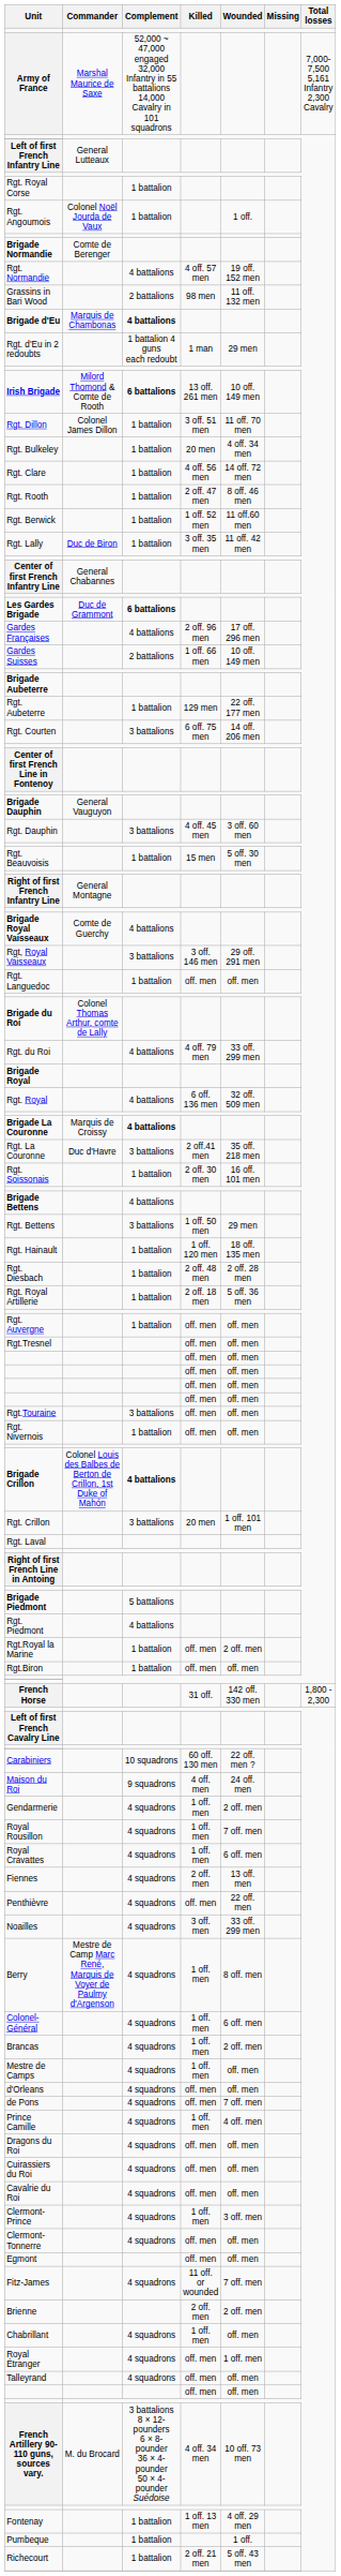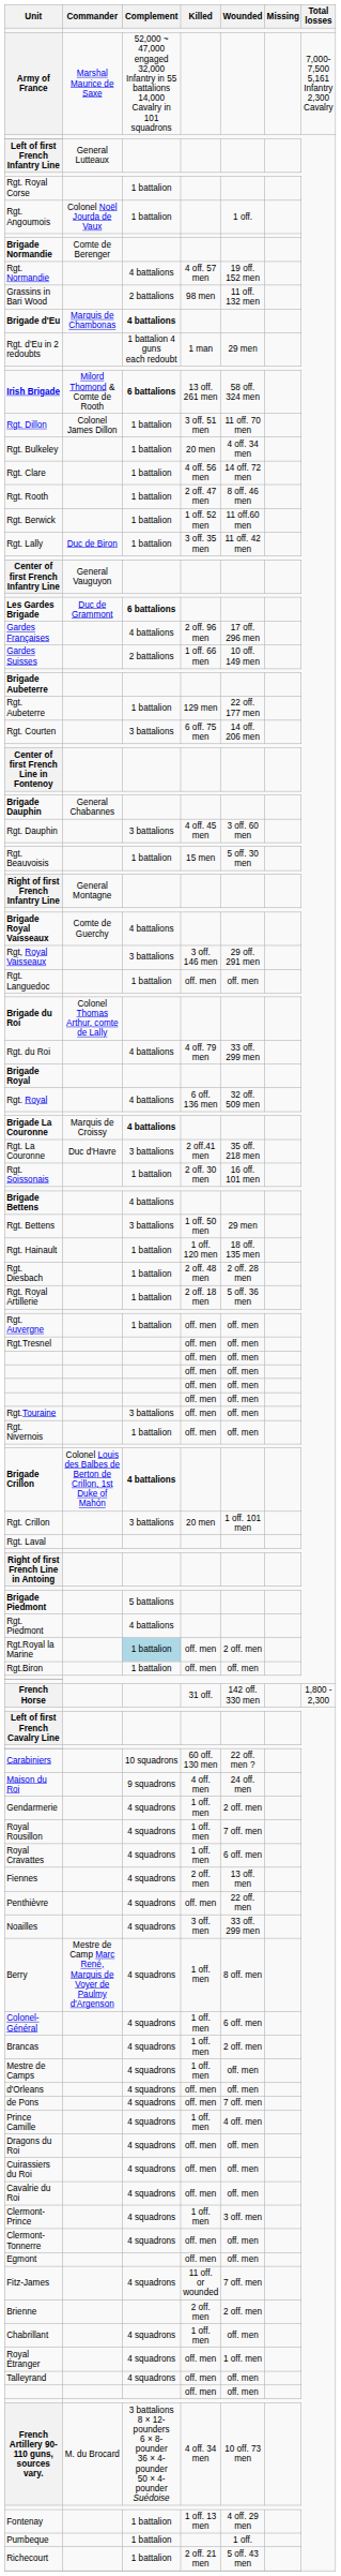 <table class="wikitable">
 <tr>
 <th>Unit</th>
 <th>Commander</th>
 <th>Complement</th>
 <th>Killed</th>
 <th>Wounded</th>
 <th>Missing</th>
 <th>Total losses</th>
 </tr>
 <tr>
 <td align="center"></td>
 </tr>
 <tr>
 <th colspan="1" bgcolor="#f9f9f9;">Army of France</th>
 <td align="center"><a href='#'>Marshal Maurice de Saxe</a></td>
 <td align="center">52,000 ~ 47,000 engaged<br>32,000 Infantry in 55 battalions<br>14,000 Cavalry in 101 squadrons<br></td>
 <td align="center"></td>
 <td align="center"></td>
 <td align="center"></td>
 <td align="center">7,000-7,500<br>5,161 Infantry<br>2,300 Cavalry</td>
 </tr>
 <tr>
 <td align="center"></td>
 </tr>
 <tr>
 </tr>
 <tr>
 <th colspan="1" bgcolor="#f9f9f9;">Left of first French Infantry Line</th>
 <td align="center">General Lutteaux</td>
 <td align="center"></td>
 <td align="center"></td>
 <td align="center"></td>
 <td align="center"></td>
 </tr>
 <tr>
 <td align="center"></td>
 </tr>
 <tr>
 <td>Rgt. Royal Corse</td>
 <td align="center"></td>
 <td align="center">1 battalion</td>
 <td align="center"></td>
 <td align="center"></td>
 <td align="center"></td>
 </tr>
 <tr>
 <td>Rgt. Angoumois</td>
 <td align="center">Colonel <a href='#'>Noël Jourda de Vaux</a></td>
 <td align="center">1 battalion</td>
 <td align="center"></td>
 <td align="center">1 off.</td>
 <td align="center"></td>
 </tr>
 <tr>
 <td></td>
 <td align="center"></td>
 <td align="center"></td>
 <td align="center"></td>
 <td align="center"></td>
 <td align="center"></td>
 </tr>
 <tr>
 <td><strong>Brigade Normandie</strong></td>
 <td align="center">Comte de Berenger</td>
 <td align="center"></td>
 <td align="center"></td>
 <td align="center"></td>
 <td align="center"></td>
 </tr>
 <tr>
 <td>Rgt. <a href='#'>Normandie</a></td>
 <td align="center"></td>
 <td align="center">4 battalions</td>
 <td align="center">4 off. 57 men</td>
 <td align="center">19 off. 152 men</td>
 <td align="center"></td>
 </tr>
 <tr>
 <td>Grassins in Bari Wood</td>
 <td align="center"></td>
 <td align="center">2 battalions</td>
 <td align="center">98 men</td>
 <td align="center">11 off. 132 men</td>
 <td align="center"></td>
 </tr>
 <tr>
 <td><strong>Brigade d'Eu</strong></td>
 <td align="center"><a href='#'>Marquis de Chambonas</a></td>
 <td align="center"><strong>4 battalions</strong></td>
 <td align="center"></td>
 <td align="center"></td>
 <td align="center"></td>
 </tr>
 <tr>
 <td>Rgt. d'Eu in 2 redoubts</td>
 <td align="center"></td>
 <td align="center">1 battalion 4 guns<br>each redoubt</td>
 <td align="center">1 man</td>
 <td align="center">29 men</td>
 <td align="center"></td>
 </tr>
 <tr>
 <td align="center"></td>
 </tr>
 <tr>
 <td><strong><a href='#'>Irish Brigade</a></strong></td>
 <td align="center"><a href='#'>Milord Thomond</a> & <br>Comte de Rooth</td>
 <td align="center"><strong>6 battalions</strong></td>
 <td align="center">13 off. 261 men</td>
-<td align="center">10 off. 149 men</td>
+<td align="center">58 off. 324 men</td>
 <td align="center"></td>
 </tr>
 <tr>
 <td><a href='#'>Rgt. Dillon</a></td>
 <td align="center">Colonel James Dillon</td>
 <td align="center">1 battalion</td>
 <td align="center">3 off. 51 men</td>
 <td align="center">11 off. 70 men</td>
 <td align="center"></td>
 </tr>
 <tr>
 <td>Rgt. Bulkeley</td>
 <td align="center"></td>
 <td align="center">1 battalion</td>
 <td align="center">20  men</td>
 <td align="center">4 off. 34 men</td>
 <td align="center"></td>
 </tr>
 <tr>
 <td>Rgt. Clare</td>
 <td align="center"></td>
 <td align="center">1 battalion</td>
 <td align="center">4 off. 56 men</td>
 <td align="center">14 off. 72 men</td>
 <td align="center"></td>
 </tr>
 <tr>
 <td>Rgt. Rooth</td>
 <td align="center"></td>
 <td align="center">1 battalion</td>
 <td align="center">2 off. 47 men</td>
 <td align="center">8 off. 46 men</td>
 <td align="center"></td>
 </tr>
 <tr>
 <td>Rgt. Berwick</td>
 <td align="center"></td>
 <td align="center">1 battalion</td>
 <td align="center">1 off. 52 men</td>
 <td align="center">11 off.60  men</td>
 <td align="center"></td>
 </tr>
 <tr>
 <td>Rgt. Lally</td>
 <td align="center"><a href='#'>Duc de Biron</a></td>
 <td align="center">1 battalion</td>
 <td align="center">3 off. 35 men</td>
 <td align="center">11 off. 42 men</td>
 <td align="center"></td>
 </tr>
 <tr>
 <td align="center"></td>
 </tr>
 <tr>
 <th colspan="1" bgcolor="#f9f9f9;">Center of first French Infantry Line</th>
-<td align="center">General Chabannes</td>
+<td align="center">General Vauguyon</td>
 <td align="center"></td>
 <td align="center"></td>
 <td align="center"></td>
 <td align="center"></td>
 </tr>
 <tr>
 <td align="center"></td>
 </tr>
 <tr>
 <td><strong>Les Gardes Brigade</strong></td>
 <td align="center"><a href='#'>Duc de Grammont</a></td>
 <td align="center"><strong>6 battalions</strong></td>
 <td align="center"></td>
 <td align="center"></td>
 <td align="center"></td>
 </tr>
 <tr>
 <td><a href='#'>Gardes Françaises</a></td>
 <td align="center"></td>
 <td align="center">4 battalions</td>
 <td align="center">2 off. 96 men</td>
 <td align="center">17 off. 296 men</td>
 <td align="center"></td>
 </tr>
 <tr>
 <td><a href='#'>Gardes Suisses</a></td>
 <td align="center"></td>
 <td align="center">2 battalions</td>
 <td align="center">1 off. 66 men</td>
 <td align="center">10 off. 149 men</td>
 <td align="center"></td>
 </tr>
 <tr>
 <td align="center"></td>
 </tr>
 <tr>
 <td><strong>Brigade Aubeterre</strong></td>
 <td align="center"></td>
 <td align="center"></td>
 <td align="center"></td>
 <td align="center"></td>
 <td align="center"></td>
 </tr>
 <tr>
 <td>Rgt. Aubeterre</td>
 <td align="center"></td>
 <td align="center">1 battalion</td>
 <td align="center">129  men</td>
 <td align="center">22 off. 177 men</td>
 <td align="center"></td>
 </tr>
 <tr>
 <td>Rgt. Courten</td>
 <td align="center"></td>
 <td align="center">3 battalions</td>
 <td align="center">6 off. 75 men</td>
 <td align="center">14 off. 206 men</td>
 <td align="center"></td>
 </tr>
 <tr>
 <td align="center"></td>
 </tr>
 <tr>
 <th colspan="1" bgcolor="#f9f9f9;">Center of first French Line in Fontenoy</th>
 <td align="center"></td>
 <td align="center"></td>
 <td align="center"></td>
 <td align="center"></td>
 <td align="center"></td>
 </tr>
 <tr>
 <td align="center"></td>
 </tr>
 <tr>
 <td><strong>Brigade Dauphin</strong></td>
-<td align="center">General Vauguyon</td>
+<td align="center">General Chabannes</td>
 <td align="center"></td>
 <td align="center"></td>
 <td align="center"></td>
 <td align="center"></td>
 </tr>
 <tr>
 <td>Rgt. Dauphin</td>
 <td align="center"></td>
 <td align="center">3 battalions</td>
 <td align="center">4 off. 45 men</td>
 <td align="center">3 off. 60 men</td>
 <td align="center"></td>
 </tr>
 <tr>
 <td align="center"></td>
 </tr>
 <tr>
 <td>Rgt. Beauvoisis</td>
 <td align="center"></td>
 <td align="center">1 battalion</td>
 <td align="center">15 men</td>
 <td align="center">5 off. 30 men</td>
 <td align="center"></td>
 </tr>
 <tr>
 <td align="center"></td>
 </tr>
 <tr>
 <th colspan="1" bgcolor="#f9f9f9;">Right of first French Infantry Line</th>
 <td align="center">General Montagne</td>
 <td align="center"></td>
 <td align="center"></td>
 <td align="center"></td>
 <td align="center"></td>
 </tr>
 <tr>
 <td align="center"></td>
 </tr>
 <tr>
 <td><strong>Brigade Royal Vaisseaux</strong></td>
 <td align="center">Comte de Guerchy</td>
 <td align="center">4 battalions</td>
 <td align="center"></td>
 <td align="center"></td>
 <td align="center"></td>
 </tr>
 <tr>
 <td>Rgt, <a href='#'>Royal Vaisseaux</a></td>
 <td align="center"></td>
 <td align="center">3 battalions</td>
 <td align="center">3 off.  146 men</td>
 <td align="center">29 off. 291 men</td>
 <td align="center"></td>
 </tr>
 <tr>
 <td>Rgt. Languedoc</td>
 <td align="center"></td>
 <td align="center">1 battalion</td>
 <td align="center">off.  men</td>
 <td align="center">off.  men</td>
 <td align="center"></td>
 </tr>
 <tr>
 <td align="center"></td>
 </tr>
 <tr>
 <td><strong>Brigade du Roi</strong></td>
 <td align="center">Colonel <a href='#'>Thomas Arthur, comte de Lally</a></td>
 <td align="center"></td>
 <td align="center"></td>
 <td align="center"></td>
 <td align="center"></td>
 </tr>
 <tr>
 <td>Rgt. du Roi</td>
 <td align="center"></td>
 <td align="center">4 battalions</td>
 <td align="center">4 off. 79 men</td>
 <td align="center">33 off. 299 men</td>
 <td align="center"></td>
 </tr>
 <tr>
 <td><strong>Brigade Royal</strong></td>
 <td align="center"></td>
 <td align="center"></td>
 <td align="center"></td>
 <td align="center"></td>
 <td align="center"></td>
 </tr>
 <tr>
 <td>Rgt. <a href='#'>Royal</a></td>
 <td align="center"></td>
 <td align="center">4 battalions</td>
 <td align="center">6 off. 136 men</td>
 <td align="center">32 off. 509 men</td>
 <td align="center"></td>
 </tr>
 <tr>
 <td align="center"></td>
 </tr>
 <tr>
 <td><strong>Brigade La Couronne</strong></td>
 <td align="center">Marquis de Croissy</td>
 <td align="center"><strong>4 battalions</strong></td>
 <td align="center"></td>
 <td align="center"></td>
 <td align="center"></td>
 </tr>
 <tr>
 <td>Rgt. La Couronne</td>
 <td align="center">Duc d'Havre</td>
 <td align="center">3 battalions</td>
 <td align="center">2 off.41  men</td>
 <td align="center">35 off. 218 men</td>
 <td align="center"></td>
 </tr>
 <tr>
 <td>Rgt. <a href='#'>Soissonais</a></td>
 <td align="center"></td>
 <td align="center">1 battalion</td>
 <td align="center">2 off. 30 men</td>
 <td align="center">16 off. 101 men</td>
 <td align="center"></td>
 </tr>
 <tr>
 <td align="center"></td>
 </tr>
 <tr>
 <td><strong>Brigade Bettens</strong></td>
 <td align="center"></td>
 <td align="center">4 battalions</td>
 <td align="center"></td>
 <td align="center"></td>
 <td align="center"></td>
 </tr>
 <tr>
 <td>Rgt. Bettens</td>
 <td align="center"></td>
 <td align="center">3 battalions</td>
 <td align="center">1 off. 50 men</td>
 <td align="center">29 men</td>
 <td align="center"></td>
 </tr>
 <tr>
 <td>Rgt. Hainault</td>
 <td align="center"></td>
 <td align="center">1 battalion</td>
 <td align="center">1 off. 120 men</td>
 <td align="center">18 off. 135 men</td>
 <td align="center"></td>
 </tr>
 <tr>
 <td>Rgt. Diesbach</td>
 <td align="center"></td>
 <td align="center">1 battalion</td>
 <td align="center">2 off. 48 men</td>
 <td align="center">2 off. 28 men</td>
 <td align="center"></td>
 </tr>
 <tr>
 <td>Rgt. Royal Artillerie</td>
 <td align="center"></td>
 <td align="center">1 battalion</td>
 <td align="center">2 off. 18 men</td>
 <td align="center">5 off. 36 men</td>
 <td align="center"></td>
 </tr>
 <tr>
 <td align="center"></td>
 </tr>
 <tr>
 <td>Rgt. <a href='#'>Auvergne</a></td>
 <td align="center"></td>
 <td align="center">1 battalion</td>
 <td align="center">off.  men</td>
 <td align="center">off.  men</td>
 <td align="center"></td>
 </tr>
 <tr>
 <td>Rgt.Tresnel</td>
 <td align="center"></td>
 <td align="center"></td>
 <td align="center">off.  men</td>
 <td align="center">off.  men</td>
 <td align="center"></td>
 </tr>
 <tr>
 <td></td>
 <td align="center"></td>
 <td align="center"></td>
 <td align="center">off.  men</td>
 <td align="center">off.  men</td>
 <td align="center"></td>
 </tr>
 <tr>
 <td></td>
 <td align="center"></td>
 <td align="center"></td>
 <td align="center">off.  men</td>
 <td align="center">off.  men</td>
 <td align="center"></td>
 </tr>
 <tr>
 <td></td>
 <td align="center"></td>
 <td align="center"></td>
 <td align="center">off.  men</td>
 <td align="center">off.  men</td>
 <td align="center"></td>
 </tr>
 <tr>
 <td></td>
 <td align="center"></td>
 <td align="center"></td>
 <td align="center">off.  men</td>
 <td align="center">off.  men</td>
 <td align="center"></td>
 </tr>
 <tr>
 <td>Rgt.<a href='#'>Touraine</a></td>
 <td align="center"></td>
 <td align="center">3 battalions</td>
 <td align="center">off.  men</td>
 <td align="center">off.  men</td>
 <td align="center"></td>
 </tr>
 <tr>
 <td>Rgt. Nivernois</td>
 <td align="center"></td>
 <td align="center">1 battalion</td>
 <td align="center">off.  men</td>
 <td align="center">off.  men</td>
 <td align="center"></td>
 </tr>
 <tr>
 <td align="center"></td>
 </tr>
 <tr>
 <td><strong>Brigade Crillon</strong></td>
 <td align="center">Colonel <a href='#'>Louis des Balbes de Berton de Crillon, 1st Duke of Mahón</a></td>
 <td align="center"><strong>4 battalions</strong></td>
 <td align="center"></td>
 <td align="center"></td>
 <td align="center"></td>
 </tr>
 <tr>
 <td>Rgt. Crillon</td>
 <td align="center"></td>
 <td align="center">3 battalions</td>
 <td align="center">20  men</td>
 <td align="center">1 off. 101 men</td>
 <td align="center"></td>
 </tr>
 <tr>
 <td>Rgt. Laval</td>
 <td align="center"></td>
 <td align="center"></td>
 <td align="center"></td>
 <td align="center"></td>
 <td align="center"></td>
 </tr>
 <tr>
 <td align="center"></td>
 </tr>
 <tr>
 <th colspan="1" bgcolor="#f9f9f9;">Right of first French Line in Antoing</th>
 <td align="center"></td>
 <td align="center"></td>
 <td align="center"></td>
 <td align="center"></td>
 <td align="center"></td>
 </tr>
 <tr>
 <td align="center"></td>
 </tr>
 <tr>
 <td><strong>Brigade Piedmont</strong></td>
 <td align="center"></td>
 <td align="center">5 battalions</td>
 <td align="center"></td>
 <td align="center"></td>
 <td align="center"></td>
 </tr>
 <tr>
 <td>Rgt. Piedmont</td>
 <td align="center"></td>
 <td align="center">4 battalions</td>
 <td align="center"></td>
 <td align="center"></td>
 <td align="center"></td>
 </tr>
 <tr>
 <td>Rgt.Royal la Marine</td>
 <td align="center"></td>
-<td align="center">1 battalion</td>
+<td align="center" style="background: lightblue;">1 battalion</td>
 <td align="center">off.  men</td>
 <td align="center">2 off.  men</td>
 <td align="center"></td>
 </tr>
 <tr>
 <td>Rgt.Biron</td>
 <td align="center"></td>
 <td align="center">1 battalion</td>
 <td align="center">off.  men</td>
 <td align="center">off.  men</td>
 <td align="center"></td>
 </tr>
 <tr>
 <td align="center"></td>
 </tr>
 <tr>
 </tr>
 <tr>
 <td align="center"></td>
 </tr>
 <tr>
 <th colspan="1" bgcolor="#f9f9f9;">French Horse</th>
 <td align="center"></td>
 <td align="center"></td>
 <td align="center">31 off.</td>
 <td align="center">142 off. 330 men</td>
 <td align="center"></td>
 <td align="center">1,800 - 2,300</td>
 </tr>
 <tr>
 <td align="center"></td>
 </tr>
 <tr>
 <th colspan="1" bgcolor="#f9f9f9;">Left of first French Cavalry Line</th>
 <td align="center"></td>
 <td align="center"></td>
 <td align="center"></td>
 <td align="center"></td>
 <td align="center"></td>
 </tr>
 <tr>
 <td align="center"></td>
 </tr>
 <tr>
 </tr>
 <tr>
 <td><a href='#'>Carabiniers</a></td>
 <td align="center"></td>
 <td align="center">10 squadrons</td>
 <td align="center">60 off. 130 men</td>
 <td align="center">22 off.  men ?</td>
 <td align="center"></td>
 </tr>
 <tr>
 <td><a href='#'>Maison du Roi</a></td>
 <td align="center"></td>
 <td align="center">9 squadrons</td>
 <td align="center">4 off.  men</td>
 <td align="center">24 off.  men</td>
 <td align="center"></td>
 </tr>
 <tr>
 <td>Gendarmerie</td>
 <td align="center"></td>
 <td align="center">4 squadrons</td>
 <td align="center">1 off.  men</td>
 <td align="center">2 off.  men</td>
 <td align="center"></td>
 </tr>
 <tr>
 <td>Royal Rousillon</td>
 <td align="center"></td>
 <td align="center">4 squadrons</td>
 <td align="center">1 off.  men</td>
 <td align="center">7 off.  men</td>
 <td align="center"></td>
 </tr>
 <tr>
 <td>Royal Cravattes</td>
 <td align="center"></td>
 <td align="center">4 squadrons</td>
 <td align="center">1 off.  men</td>
 <td align="center">6 off.  men</td>
 <td align="center"></td>
 </tr>
 <tr>
 <td>Fiennes</td>
 <td align="center"></td>
 <td align="center">4 squadrons</td>
 <td align="center">2 off.  men</td>
 <td align="center">13 off.  men</td>
 <td align="center"></td>
 </tr>
 <tr>
 <td>Penthièvre</td>
 <td align="center"></td>
 <td align="center">4 squadrons</td>
 <td align="center">off.  men</td>
 <td align="center">22 off.  men</td>
 <td align="center"></td>
 </tr>
 <tr>
 <td>Noailles</td>
 <td align="center"></td>
 <td align="center">4 squadrons</td>
 <td align="center">3 off.  men</td>
 <td align="center">33 off. 299 men</td>
 <td align="center"></td>
 </tr>
 <tr>
 <td>Berry</td>
 <td align="center">Mestre de Camp <a href='#'>Marc René, Marquis de Voyer de Paulmy d'Argenson</a></td>
 <td align="center">4 squadrons</td>
 <td align="center">1 off.  men</td>
 <td align="center">8 off.  men</td>
 <td align="center"></td>
 </tr>
 <tr>
 <td><a href='#'>Colonel-Général</a></td>
 <td align="center"></td>
 <td align="center">4 squadrons</td>
 <td align="center">1 off.  men</td>
 <td align="center">6 off.  men</td>
 <td align="center"></td>
 </tr>
 <tr>
 <td>Brancas</td>
 <td align="center"></td>
 <td align="center">4 squadrons</td>
 <td align="center">1 off.  men</td>
 <td align="center">2 off.  men</td>
 <td align="center"></td>
 </tr>
 <tr>
 <td>Mestre de Camps</td>
 <td align="center"></td>
 <td align="center">4 squadrons</td>
 <td align="center">1 off.  men</td>
 <td align="center">off.  men</td>
 <td align="center"></td>
 </tr>
 <tr>
 <td>d'Orleans</td>
 <td align="center"></td>
 <td align="center">4 squadrons</td>
 <td align="center">off.  men</td>
 <td align="center">off.  men</td>
 <td align="center"></td>
 </tr>
 <tr>
 <td>de Pons</td>
 <td align="center"></td>
 <td align="center">4 squadrons</td>
 <td align="center">off.  men</td>
 <td align="center">7 off.  men</td>
 <td align="center"></td>
 </tr>
 <tr>
 <td>Prince Camille</td>
 <td align="center"></td>
 <td align="center">4 squadrons</td>
 <td align="center">1 off.  men</td>
 <td align="center">4 off.  men</td>
 <td align="center"></td>
 </tr>
 <tr>
 <td>Dragons du Roi</td>
 <td align="center"></td>
 <td align="center">4 squadrons</td>
 <td align="center">off.  men</td>
 <td align="center">off.  men</td>
 <td align="center"></td>
 </tr>
 <tr>
 <td>Cuirassiers du Roi</td>
 <td align="center"></td>
 <td align="center">4 squadrons</td>
 <td align="center">off.  men</td>
 <td align="center">off.  men</td>
 <td align="center"></td>
 </tr>
 <tr>
 <td>Cavalrie du Roi</td>
 <td align="center"></td>
 <td align="center">4 squadrons</td>
 <td align="center">off.  men</td>
 <td align="center">off.  men</td>
 <td align="center"></td>
 </tr>
 <tr>
 <td>Clermont-Prince</td>
 <td align="center"></td>
 <td align="center">4 squadrons</td>
 <td align="center">1 off.  men</td>
 <td align="center">3 off.  men</td>
 <td align="center"></td>
 </tr>
 <tr>
 <td>Clermont-Tonnerre</td>
 <td align="center"></td>
 <td align="center">4 squadrons</td>
 <td align="center">off.  men</td>
 <td align="center">off.  men</td>
 <td align="center"></td>
 </tr>
 <tr>
 <td>Egmont</td>
 <td align="center"></td>
 <td align="center"></td>
 <td align="center">off.  men</td>
 <td align="center">off.  men</td>
 <td align="center"></td>
 </tr>
 <tr>
 <td>Fitz-James</td>
 <td align="center"></td>
 <td align="center">4 squadrons</td>
 <td align="center">11 off.<br>or wounded</td>
 <td align="center">7 off.  men</td>
 <td align="center"></td>
 </tr>
 <tr>
 <td>Brienne</td>
 <td align="center"></td>
 <td align="center"></td>
 <td align="center">2 off. men</td>
 <td align="center">2 off.  men</td>
 <td align="center"></td>
 </tr>
 <tr>
 <td>Chabrillant</td>
 <td align="center"></td>
 <td align="center">4 squadrons</td>
 <td align="center">1 off.  men</td>
 <td align="center">off.  men</td>
 <td align="center"></td>
 </tr>
 <tr>
 <td>Royal Étranger</td>
 <td align="center"></td>
 <td align="center">4 squadrons</td>
 <td align="center">off.  men</td>
 <td align="center">1 off.  men</td>
 <td align="center"></td>
 </tr>
 <tr>
 <td>Talleyrand</td>
 <td align="center"></td>
 <td align="center">4 squadrons</td>
 <td align="center">off.  men</td>
 <td align="center">off.  men</td>
 <td align="center"></td>
 </tr>
 <tr>
 <td></td>
 <td align="center"></td>
 <td align="center"></td>
 <td align="center">off.  men</td>
 <td align="center">off.  men</td>
 <td align="center"></td>
 </tr>
 <tr>
 <td align="center"></td>
 </tr>
 <tr>
 <th colspan="1" bgcolor="#f9f9f9;">French  Artillery 90-110 guns, sources vary.</th>
 <td align="center">M. du Brocard</td>
 <td align="center">3 battalions<br>8 × 12-pounders <br>6 × 8-pounder <br>36 × 4-pounder <br> 50 × 4-pounder <em>Suédoise</em></td>
 <td align="center">4 off. 34 men</td>
 <td align="center">10 off. 73 men</td>
 <td align="center"></td>
 </tr>
 <tr>
 <td align="center"></td>
 </tr>
 <tr>
 <td>Fontenay</td>
 <td align="center"></td>
 <td align="center">1 battalion</td>
 <td align="center">1 off. 13 men</td>
 <td align="center">4 off. 29 men</td>
 <td align="center"></td>
 </tr>
 <tr>
 <td>Pumbeque</td>
 <td align="center"></td>
 <td align="center">1 battalion</td>
 <td align="center"></td>
 <td align="center">1 off.</td>
 <td align="center"></td>
 </tr>
 <tr>
 <td>Richecourt</td>
 <td align="center"></td>
 <td align="center">1 battalion</td>
 <td align="center">2 off. 21 men</td>
 <td align="center">5 off. 43 men</td>
 <td align="center"></td>
 </tr>
 <tr>
 </tr>
 </table>
